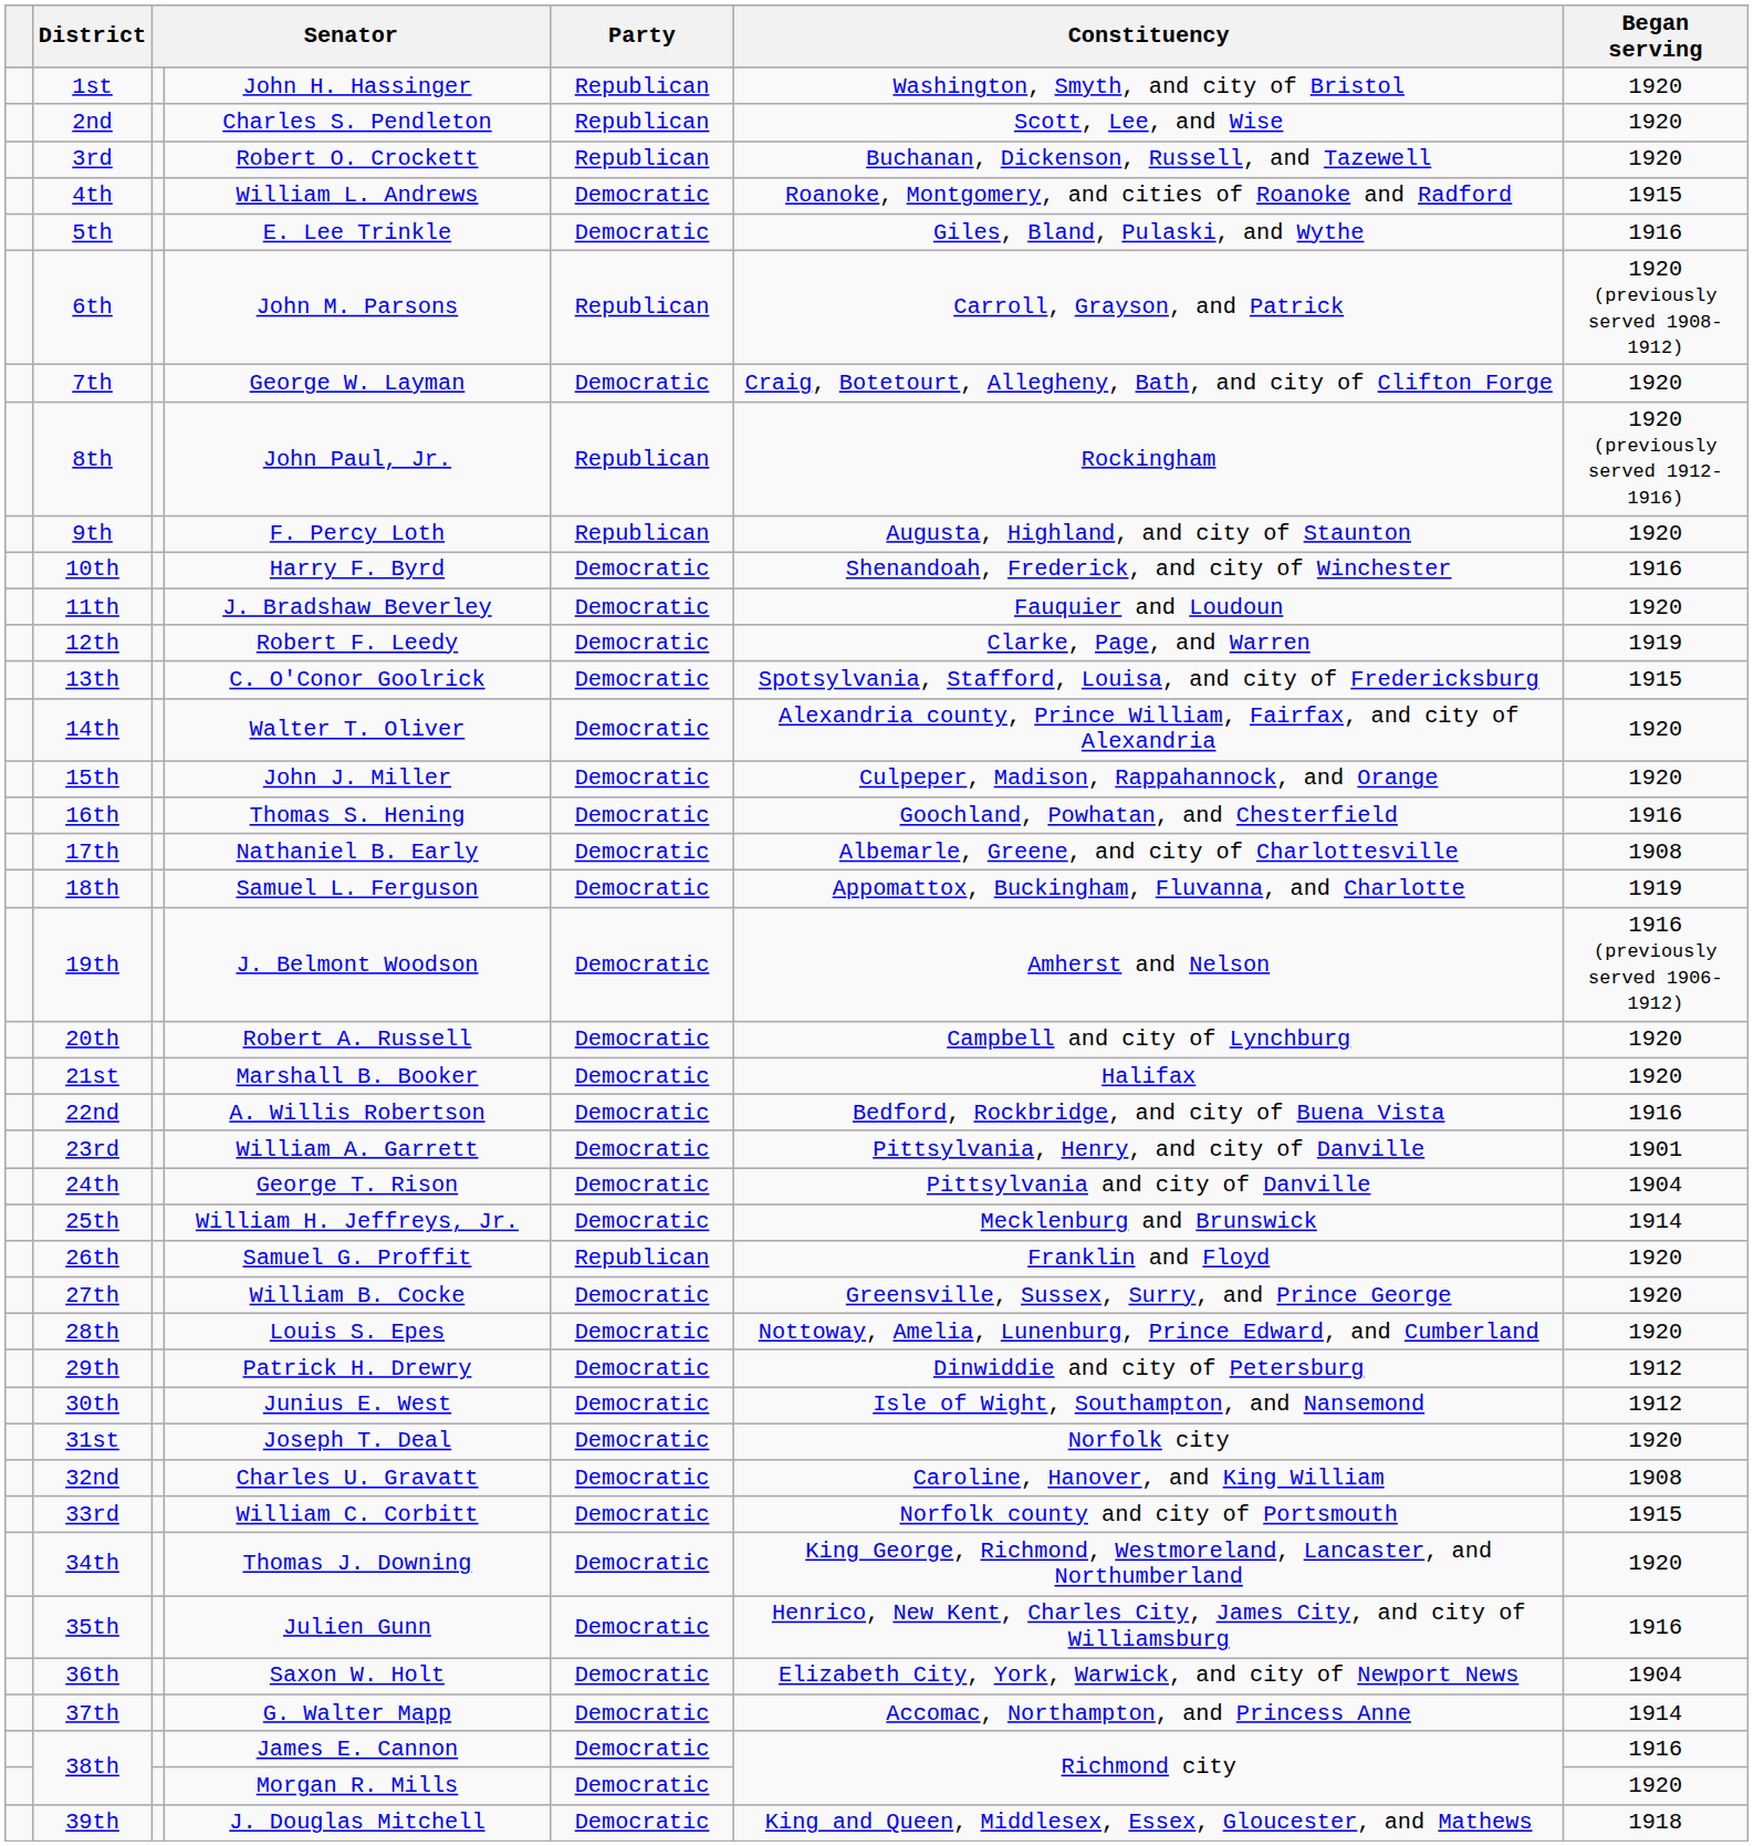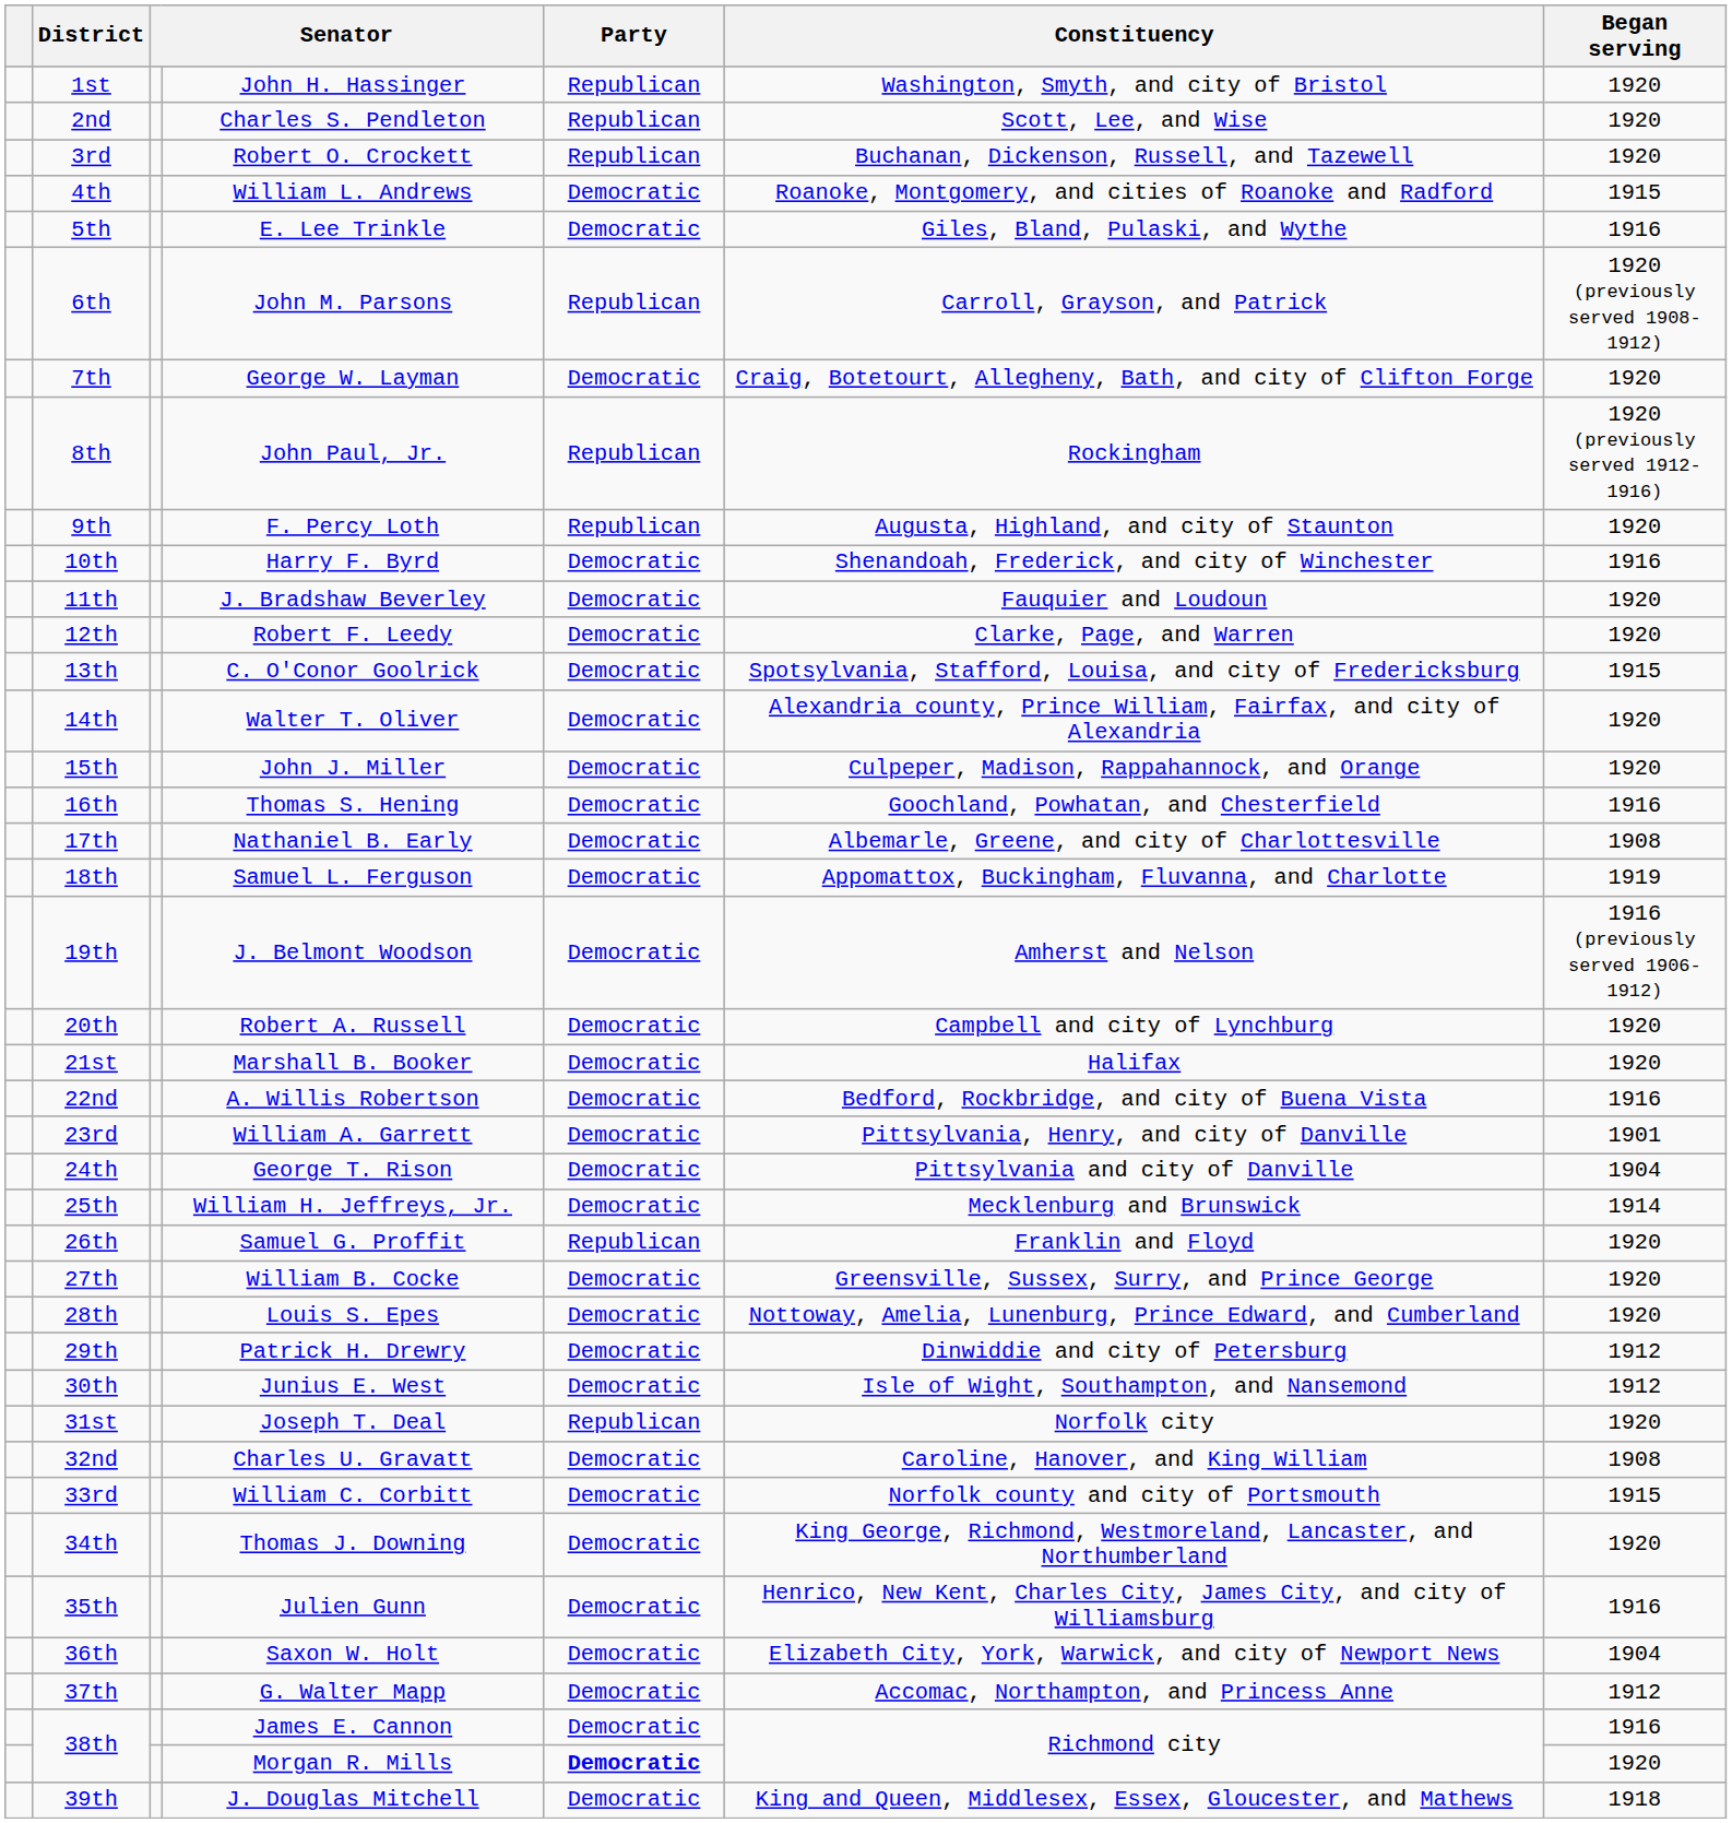 <table class="wikitable" style="text-align:center">
 <tr>
 <th width="10px"></th>
 <th width="60px">District</th>
 <th colspan=2 width="225px">Senator</th>
 <th width="100px">Party</th>
 <th width="475px">Constituency</th>
 <th width="100px">Began serving</th>
 </tr>
 <tr>
 <td style="background-color:"></td>
 <td><a href='#'>1st</a></td>
 <td></td>
 <td><a href='#'>John H. Hassinger</a></td>
 <td><a href='#'>Republican</a></td>
 <td><a href='#'>Washington</a>, <a href='#'>Smyth</a>, and city of <a href='#'>Bristol</a></td>
 <td>1920</td>
 </tr>
 <tr>
 <td style="background-color:"></td>
 <td><a href='#'>2nd</a></td>
 <td></td>
 <td><a href='#'>Charles S. Pendleton</a></td>
 <td><a href='#'>Republican</a></td>
 <td><a href='#'>Scott</a>, <a href='#'>Lee</a>, and <a href='#'>Wise</a></td>
 <td>1920</td>
 </tr>
 <tr>
 <td style="background-color:"></td>
 <td><a href='#'>3rd</a></td>
 <td></td>
 <td><a href='#'>Robert O. Crockett</a></td>
 <td><a href='#'>Republican</a></td>
 <td><a href='#'>Buchanan</a>, <a href='#'>Dickenson</a>, <a href='#'>Russell</a>, and <a href='#'>Tazewell</a></td>
 <td>1920</td>
 </tr>
 <tr>
 <td style="background-color:"></td>
 <td><a href='#'>4th</a></td>
 <td></td>
 <td><a href='#'>William L. Andrews</a></td>
 <td><a href='#'>Democratic</a></td>
 <td><a href='#'>Roanoke</a>, <a href='#'>Montgomery</a>, and cities of <a href='#'>Roanoke</a> and <a href='#'>Radford</a></td>
 <td>1915</td>
 </tr>
 <tr>
 <td style="background-color:"></td>
 <td><a href='#'>5th</a></td>
 <td></td>
 <td><a href='#'>E. Lee Trinkle</a></td>
 <td><a href='#'>Democratic</a></td>
 <td><a href='#'>Giles</a>, <a href='#'>Bland</a>, <a href='#'>Pulaski</a>, and <a href='#'>Wythe</a></td>
 <td>1916</td>
 </tr>
 <tr>
 <td style="background-color:"></td>
 <td><a href='#'>6th</a></td>
 <td></td>
 <td><a href='#'>John M. Parsons</a></td>
 <td><a href='#'>Republican</a></td>
 <td><a href='#'>Carroll</a>, <a href='#'>Grayson</a>, and <a href='#'>Patrick</a></td>
 <td>1920<br><small>(previously served 1908-1912)</small></td>
 </tr>
 <tr>
 <td style="background-color:"></td>
 <td><a href='#'>7th</a></td>
 <td></td>
 <td><a href='#'>George W. Layman</a></td>
 <td><a href='#'>Democratic</a></td>
 <td><a href='#'>Craig</a>, <a href='#'>Botetourt</a>, <a href='#'>Allegheny</a>, <a href='#'>Bath</a>, and city of <a href='#'>Clifton Forge</a></td>
 <td>1920</td>
 </tr>
 <tr>
 <td style="background-color:"></td>
 <td><a href='#'>8th</a></td>
 <td></td>
 <td><a href='#'>John Paul, Jr.</a></td>
 <td><a href='#'>Republican</a></td>
 <td><a href='#'>Rockingham</a></td>
 <td>1920<br><small>(previously served 1912-1916)</small></td>
 </tr>
 <tr>
 <td style="background-color:"></td>
 <td><a href='#'>9th</a></td>
 <td></td>
 <td><a href='#'>F. Percy Loth</a></td>
 <td><a href='#'>Republican</a></td>
 <td><a href='#'>Augusta</a>, <a href='#'>Highland</a>, and city of <a href='#'>Staunton</a></td>
 <td>1920</td>
 </tr>
 <tr>
 <td style="background-color:"></td>
 <td><a href='#'>10th</a></td>
 <td></td>
 <td><a href='#'>Harry F. Byrd</a></td>
 <td><a href='#'>Democratic</a></td>
 <td><a href='#'>Shenandoah</a>, <a href='#'>Frederick</a>, and city of <a href='#'>Winchester</a></td>
 <td>1916</td>
 </tr>
 <tr>
 <td style="background-color:"></td>
 <td><a href='#'>11th</a></td>
 <td></td>
 <td><a href='#'>J. Bradshaw Beverley</a></td>
 <td><a href='#'>Democratic</a></td>
 <td><a href='#'>Fauquier</a> and <a href='#'>Loudoun</a></td>
 <td>1920</td>
 </tr>
 <tr>
 <td style="background-color:"></td>
 <td><a href='#'>12th</a></td>
 <td></td>
 <td><a href='#'>Robert F. Leedy</a></td>
 <td><a href='#'>Democratic</a></td>
 <td><a href='#'>Clarke</a>, <a href='#'>Page</a>, and <a href='#'>Warren</a></td>
-<td>1919</td>
+<td>1920</td>
 </tr>
 <tr>
 <td style="background-color:"></td>
 <td><a href='#'>13th</a></td>
 <td></td>
 <td><a href='#'>C. O'Conor Goolrick</a></td>
 <td><a href='#'>Democratic</a></td>
 <td><a href='#'>Spotsylvania</a>, <a href='#'>Stafford</a>, <a href='#'>Louisa</a>, and city of <a href='#'>Fredericksburg</a></td>
 <td>1915</td>
 </tr>
 <tr>
 <td style="background-color:"></td>
 <td><a href='#'>14th</a></td>
 <td></td>
 <td><a href='#'>Walter T. Oliver</a></td>
 <td><a href='#'>Democratic</a></td>
 <td><a href='#'>Alexandria county</a>, <a href='#'>Prince William</a>, <a href='#'>Fairfax</a>, and city of <a href='#'>Alexandria</a></td>
 <td>1920</td>
 </tr>
 <tr>
 <td style="background-color:"></td>
 <td><a href='#'>15th</a></td>
 <td></td>
 <td><a href='#'>John J. Miller</a></td>
 <td><a href='#'>Democratic</a></td>
 <td><a href='#'>Culpeper</a>, <a href='#'>Madison</a>, <a href='#'>Rappahannock</a>, and <a href='#'>Orange</a></td>
 <td>1920</td>
 </tr>
 <tr>
 <td style="background-color:"></td>
 <td><a href='#'>16th</a></td>
 <td></td>
 <td><a href='#'>Thomas S. Hening</a></td>
 <td><a href='#'>Democratic</a></td>
 <td><a href='#'>Goochland</a>, <a href='#'>Powhatan</a>, and <a href='#'>Chesterfield</a></td>
 <td>1916</td>
 </tr>
 <tr>
 <td style="background-color:"></td>
 <td><a href='#'>17th</a></td>
 <td></td>
 <td><a href='#'>Nathaniel B. Early</a></td>
 <td><a href='#'>Democratic</a></td>
 <td><a href='#'>Albemarle</a>, <a href='#'>Greene</a>, and city of <a href='#'>Charlottesville</a></td>
 <td>1908</td>
 </tr>
 <tr>
 <td style="background-color:"></td>
 <td><a href='#'>18th</a></td>
 <td></td>
 <td><a href='#'>Samuel L. Ferguson</a></td>
 <td><a href='#'>Democratic</a></td>
 <td><a href='#'>Appomattox</a>, <a href='#'>Buckingham</a>, <a href='#'>Fluvanna</a>, and <a href='#'>Charlotte</a></td>
 <td>1919</td>
 </tr>
 <tr>
 <td style="background-color:"></td>
 <td><a href='#'>19th</a></td>
 <td></td>
 <td><a href='#'>J. Belmont Woodson</a></td>
 <td><a href='#'>Democratic</a></td>
 <td><a href='#'>Amherst</a> and <a href='#'>Nelson</a></td>
 <td>1916<br><small>(previously served 1906-1912)</small></td>
 </tr>
 <tr>
 <td style="background-color:"></td>
 <td><a href='#'>20th</a></td>
 <td></td>
 <td><a href='#'>Robert A. Russell</a></td>
 <td><a href='#'>Democratic</a></td>
 <td><a href='#'>Campbell</a> and city of <a href='#'>Lynchburg</a></td>
 <td>1920</td>
 </tr>
 <tr>
 <td style="background-color:"></td>
 <td><a href='#'>21st</a></td>
 <td></td>
 <td><a href='#'>Marshall B. Booker</a></td>
 <td><a href='#'>Democratic</a></td>
 <td><a href='#'>Halifax</a></td>
 <td>1920</td>
 </tr>
 <tr>
 <td style="background-color:"></td>
 <td><a href='#'>22nd</a></td>
 <td></td>
 <td><a href='#'>A. Willis Robertson</a></td>
 <td><a href='#'>Democratic</a></td>
 <td><a href='#'>Bedford</a>, <a href='#'>Rockbridge</a>, and city of <a href='#'>Buena Vista</a></td>
 <td>1916</td>
 </tr>
 <tr>
 <td style="background-color:"></td>
 <td><a href='#'>23rd</a></td>
 <td></td>
 <td><a href='#'>William A. Garrett</a></td>
 <td><a href='#'>Democratic</a></td>
 <td><a href='#'>Pittsylvania</a>, <a href='#'>Henry</a>, and city of <a href='#'>Danville</a></td>
 <td>1901</td>
 </tr>
 <tr>
 <td style="background-color:"></td>
 <td><a href='#'>24th</a></td>
 <td></td>
 <td><a href='#'>George T. Rison</a></td>
 <td><a href='#'>Democratic</a></td>
 <td><a href='#'>Pittsylvania</a> and city of <a href='#'>Danville</a></td>
 <td>1904</td>
 </tr>
 <tr>
 <td style="background-color:"></td>
 <td><a href='#'>25th</a></td>
 <td></td>
 <td><a href='#'>William H. Jeffreys, Jr.</a></td>
 <td><a href='#'>Democratic</a></td>
 <td><a href='#'>Mecklenburg</a> and <a href='#'>Brunswick</a></td>
 <td>1914</td>
 </tr>
 <tr>
 <td style="background-color:"></td>
 <td><a href='#'>26th</a></td>
 <td></td>
 <td><a href='#'>Samuel G. Proffit</a></td>
 <td><a href='#'>Republican</a></td>
 <td><a href='#'>Franklin</a> and <a href='#'>Floyd</a></td>
 <td>1920</td>
 </tr>
 <tr>
 <td style="background-color:"></td>
 <td><a href='#'>27th</a></td>
 <td></td>
 <td><a href='#'>William B. Cocke</a></td>
 <td><a href='#'>Democratic</a></td>
 <td><a href='#'>Greensville</a>, <a href='#'>Sussex</a>, <a href='#'>Surry</a>, and <a href='#'>Prince George</a></td>
 <td>1920</td>
 </tr>
 <tr>
 <td style="background-color:"></td>
 <td><a href='#'>28th</a></td>
 <td></td>
 <td><a href='#'>Louis S. Epes</a></td>
 <td><a href='#'>Democratic</a></td>
 <td><a href='#'>Nottoway</a>, <a href='#'>Amelia</a>, <a href='#'>Lunenburg</a>, <a href='#'>Prince Edward</a>, and <a href='#'>Cumberland</a></td>
 <td>1920</td>
 </tr>
 <tr>
 <td style="background-color:"></td>
 <td><a href='#'>29th</a></td>
 <td></td>
 <td><a href='#'>Patrick H. Drewry</a></td>
 <td><a href='#'>Democratic</a></td>
 <td><a href='#'>Dinwiddie</a> and city of <a href='#'>Petersburg</a></td>
 <td>1912</td>
 </tr>
 <tr>
 <td style="background-color:"></td>
 <td><a href='#'>30th</a></td>
 <td></td>
 <td><a href='#'>Junius E. West</a></td>
 <td><a href='#'>Democratic</a></td>
 <td><a href='#'>Isle of Wight</a>, <a href='#'>Southampton</a>, and <a href='#'>Nansemond</a></td>
 <td>1912</td>
 </tr>
 <tr>
 <td style="background-color:"></td>
 <td><a href='#'>31st</a></td>
 <td></td>
 <td><a href='#'>Joseph T. Deal</a></td>
-<td><a href='#'>Democratic</a></td>
+<td><a href='#'>Republican</a></td>
 <td><a href='#'>Norfolk</a> city</td>
 <td>1920</td>
 </tr>
 <tr>
 <td style="background-color:"></td>
 <td><a href='#'>32nd</a></td>
 <td></td>
 <td><a href='#'>Charles U. Gravatt</a></td>
 <td><a href='#'>Democratic</a></td>
 <td><a href='#'>Caroline</a>, <a href='#'>Hanover</a>, and <a href='#'>King William</a></td>
 <td>1908</td>
 </tr>
 <tr>
 <td style="background-color:"></td>
 <td><a href='#'>33rd</a></td>
 <td></td>
 <td><a href='#'>William C. Corbitt</a></td>
 <td><a href='#'>Democratic</a></td>
 <td><a href='#'>Norfolk county</a> and city of <a href='#'>Portsmouth</a></td>
 <td>1915</td>
 </tr>
 <tr>
 <td style="background-color:"></td>
 <td><a href='#'>34th</a></td>
 <td></td>
 <td><a href='#'>Thomas J. Downing</a></td>
 <td><a href='#'>Democratic</a></td>
 <td><a href='#'>King George</a>, <a href='#'>Richmond</a>, <a href='#'>Westmoreland</a>, <a href='#'>Lancaster</a>, and <a href='#'>Northumberland</a></td>
 <td>1920</td>
 </tr>
 <tr>
 <td style="background-color:"></td>
 <td><a href='#'>35th</a></td>
 <td></td>
 <td><a href='#'>Julien Gunn</a></td>
 <td><a href='#'>Democratic</a></td>
 <td><a href='#'>Henrico</a>, <a href='#'>New Kent</a>, <a href='#'>Charles City</a>, <a href='#'>James City</a>, and city of <a href='#'>Williamsburg</a></td>
 <td>1916</td>
 </tr>
 <tr>
 <td style="background-color:"></td>
 <td><a href='#'>36th</a></td>
 <td></td>
 <td><a href='#'>Saxon W. Holt</a></td>
 <td><a href='#'>Democratic</a></td>
 <td><a href='#'>Elizabeth City</a>, <a href='#'>York</a>, <a href='#'>Warwick</a>, and city of <a href='#'>Newport News</a></td>
 <td>1904</td>
 </tr>
 <tr>
 <td style="background-color:"></td>
 <td><a href='#'>37th</a></td>
 <td></td>
 <td><a href='#'>G. Walter Mapp</a></td>
 <td><a href='#'>Democratic</a></td>
 <td><a href='#'>Accomac</a>, <a href='#'>Northampton</a>, and <a href='#'>Princess Anne</a></td>
-<td>1914</td>
+<td>1912</td>
 </tr>
 <tr>
 <td style="background-color:"></td>
 <td rowspan="2"><a href='#'>38th</a></td>
 <td></td>
 <td><a href='#'>James E. Cannon</a></td>
 <td><a href='#'>Democratic</a></td>
 <td rowspan="2"><a href='#'>Richmond</a> city</td>
 <td>1916</td>
 </tr>
 <tr>
 <td style="background-color:"></td>
 <td></td>
 <td><a href='#'>Morgan R. Mills</a></td>
-<td><a href='#'>Democratic</a></td>
+<td><strong><a href='#'>Democratic</a></strong></td>
 <td>1920</td>
 </tr>
 <tr>
 <td style="background-color:"></td>
 <td><a href='#'>39th</a></td>
 <td></td>
 <td><a href='#'>J. Douglas Mitchell</a></td>
 <td><a href='#'>Democratic</a></td>
 <td><a href='#'>King and Queen</a>, <a href='#'>Middlesex</a>, <a href='#'>Essex</a>, <a href='#'>Gloucester</a>, and <a href='#'>Mathews</a></td>
 <td>1918</td>
 </tr>
 </table>
